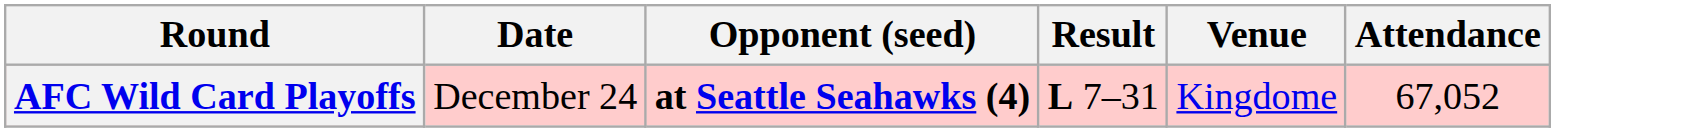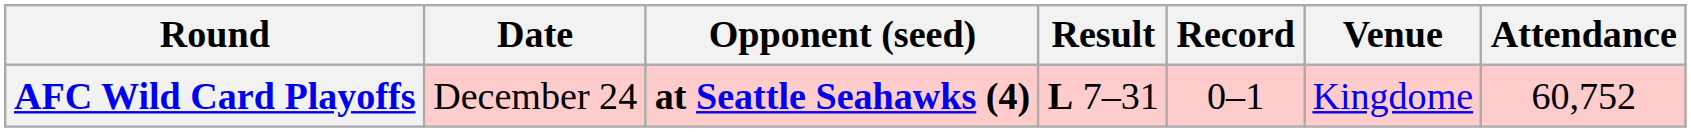 <table class="wikitable" style="text-align:center">
 <tr>
 <th>Round</th>
 <th>Date</th>
 <th>Opponent (seed)</th>
 <th>Result</th>
+<th>Record</th>
 <th>Venue</th>
 <th>Attendance</th>
 </tr>
 <tr style="background:#fcc">
 <th><a href='#'>AFC Wild Card Playoffs</a></th>
 <td>December 24</td>
 <td><strong>at <a href='#'>Seattle Seahawks</a> (4)</strong></td>
 <td><strong>L</strong> 7–31</td>
+<td>0–1</td>
 <td><a href='#'>Kingdome</a></td>
-<td>67,052</td>
+<td>60,752</td>
 </tr>
 </table>
